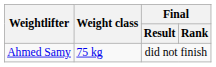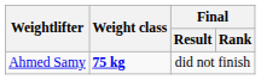 <table class=wikitable style="font-size:90%">
 <tr>
 <th rowspan=2>Weightlifter</th>
 <th rowspan=2>Weight class</th>
 <th colspan=2>Final</th>
 </tr>
 <tr>
 <th>Result</th>
 <th>Rank</th>
 </tr>
 <tr>
 <td><a href='#'>Ahmed Samy</a></td>
-<td><a href='#'>75 kg</a></td>
+<td><strong><a href='#'>75 kg</a></strong></td>
 <td align=center colspan=2>did not finish</td>
 </tr>
 </table>
